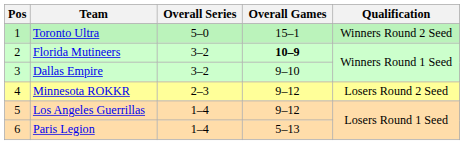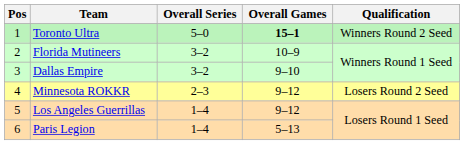 <table class="wikitable" width="600px" style="text-align:center">
 <tr>
 <th>Pos</th>
 <th>Team</th>
 <th>Overall Series</th>
 <th>Overall Games</th>
 <th>Qualification</th>
 </tr>
 <tr style="background:#BBF3BB;">
 <td>1</td>
 <td style="text-align:left"><a href='#'>Toronto Ultra</a></td>
 <td>5–0</td>
-<td>15–1</td>
+<td><strong>15–1</strong></td>
 <td>Winners Round 2 Seed</td>
 </tr>
 <tr style="background:#CCFFCC;">
 <td>2</td>
 <td style="text-align:left"><a href='#'>Florida Mutineers</a></td>
 <td>3–2</td>
-<td><strong>10–9</strong></td>
+<td>10–9</td>
 <td rowspan="2">Winners Round 1 Seed</td>
 </tr>
 <tr style="background:#CCFFCC;">
 <td>3</td>
 <td style="text-align:left"><a href='#'>Dallas Empire</a></td>
 <td>3–2</td>
 <td>9–10</td>
 </tr>
 <tr style="background:#FFFF99;">
 <td>4</td>
 <td style="text-align:left"><a href='#'>Minnesota ROKKR</a></td>
 <td>2–3</td>
 <td>9–12</td>
 <td>Losers Round 2 Seed</td>
 </tr>
 <tr style="background:#FFDDAA;">
 <td>5</td>
 <td style="text-align:left"><a href='#'>Los Angeles Guerrillas</a></td>
 <td>1–4</td>
 <td>9–12</td>
 <td rowspan="2">Losers Round 1 Seed</td>
 </tr>
 <tr style="background:#FFDDAA;">
 <td>6</td>
 <td style="text-align:left;"><a href='#'>Paris Legion</a></td>
 <td>1–4</td>
 <td>5–13</td>
 </tr>
 </table>
